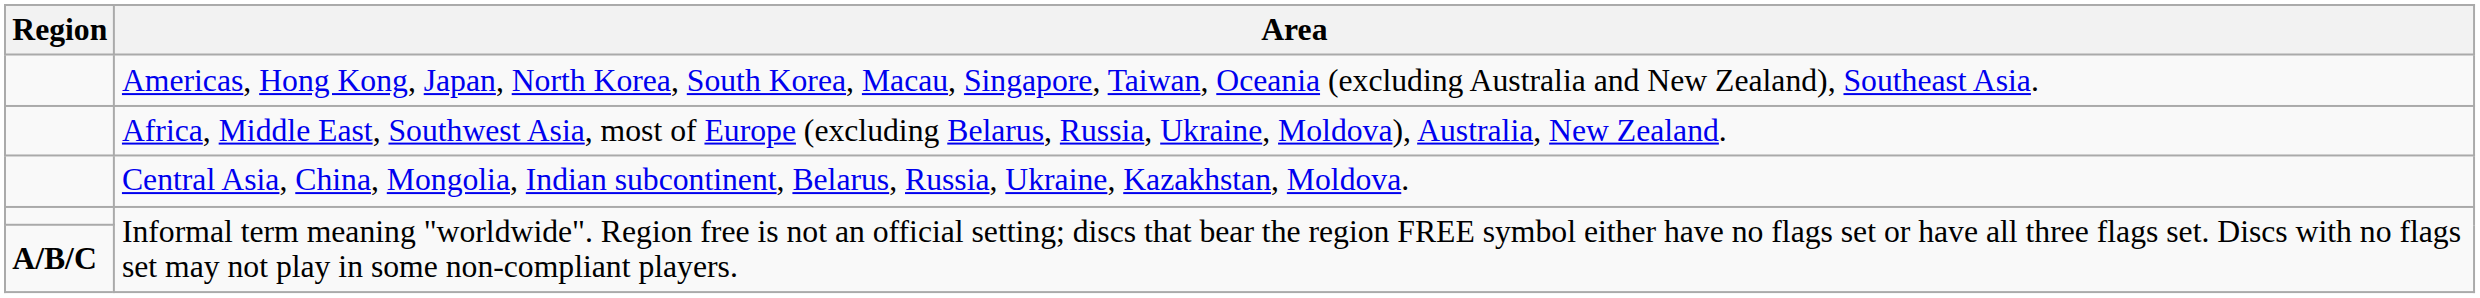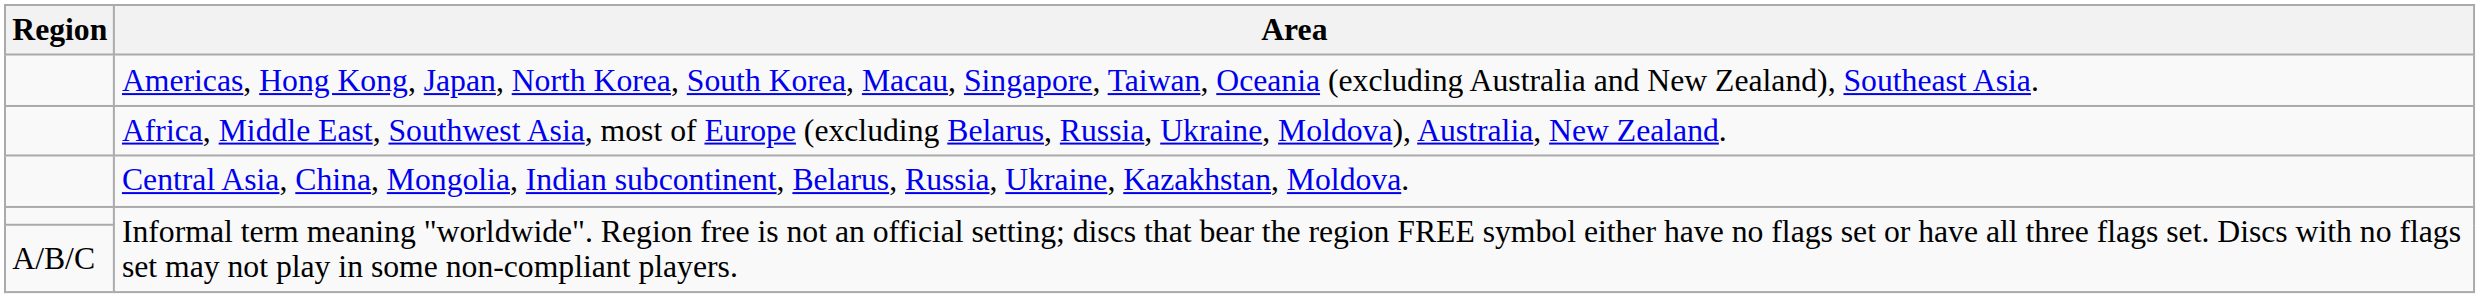 <table class="wikitable">
 <tr>
 <th>Region</th>
 <th>Area</th>
 </tr>
 <tr>
 <td> </td>
 <td><a href='#'>Americas</a>, <a href='#'>Hong Kong</a>, <a href='#'>Japan</a>, <a href='#'>North Korea</a>, <a href='#'>South Korea</a>, <a href='#'>Macau</a>, <a href='#'>Singapore</a>, <a href='#'>Taiwan</a>, <a href='#'>Oceania</a> (excluding Australia and New Zealand), <a href='#'>Southeast Asia</a>.</td>
 </tr>
 <tr>
 <td> </td>
 <td><a href='#'>Africa</a>, <a href='#'>Middle East</a>, <a href='#'>Southwest Asia</a>, most of <a href='#'>Europe</a> (excluding <a href='#'>Belarus</a>, <a href='#'>Russia</a>, <a href='#'>Ukraine</a>, <a href='#'>Moldova</a>), <a href='#'>Australia</a>, <a href='#'>New Zealand</a>.</td>
 </tr>
 <tr>
 <td> </td>
 <td><a href='#'>Central Asia</a>, <a href='#'>China</a>, <a href='#'>Mongolia</a>, <a href='#'>Indian subcontinent</a>, <a href='#'>Belarus</a>, <a href='#'>Russia</a>, <a href='#'>Ukraine</a>, <a href='#'>Kazakhstan</a>, <a href='#'>Moldova</a>.</td>
 </tr>
 <tr>
 <td> </td>
 <td rowspan="2">Informal term meaning "worldwide". Region free is not an official setting; discs that bear the region FREE symbol either have no flags set or have all three flags set. Discs with no flags set may not play in some non-compliant players.</td>
 </tr>
 <tr>
-<td><strong>A/B/C </strong></td>
+<td>A/B/C </td>
 </tr>
 </table>
